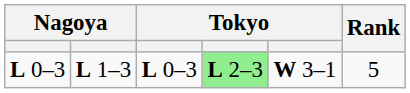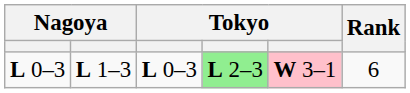 <table class="wikitable" style="font-size:100%;">
 <tr>
 <th colspan=2>Nagoya</th>
 <th colspan=3>Tokyo</th>
 <th rowspan=2>Rank</th>
 </tr>
 <tr>
 <th></th>
 <th></th>
 <th></th>
 <th></th>
 <th></th>
 </tr>
 <tr align=center>
 <td><strong>L</strong> 0–3</td>
 <td><strong>L</strong> 1–3</td>
 <td><strong>L</strong> 0–3</td>
 <td style="background: lightgreen;"><strong>L</strong> 2–3</td>
-<td><strong>W</strong> 3–1</td>
-<td>5</td>
+<td style="background: pink;"><strong>W</strong> 3–1</td>
+<td>6</td>
 </tr>
 </table>
